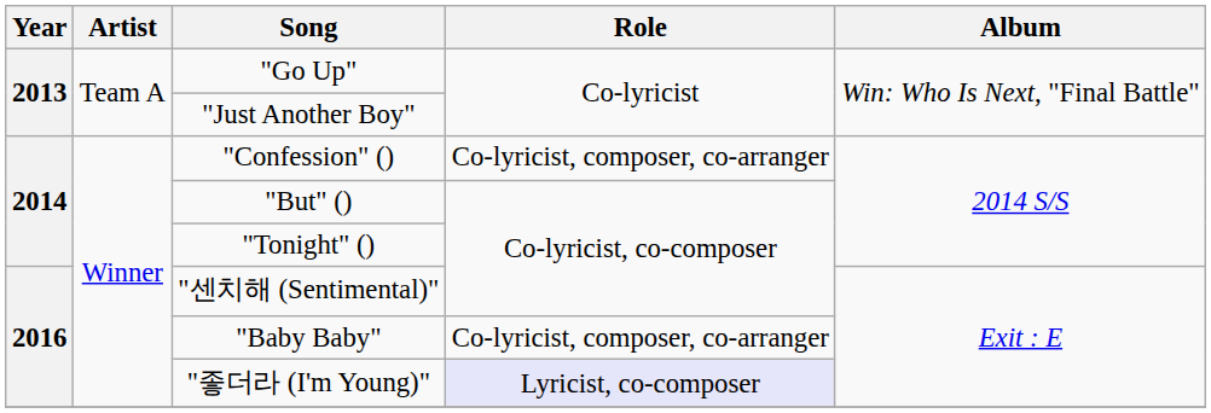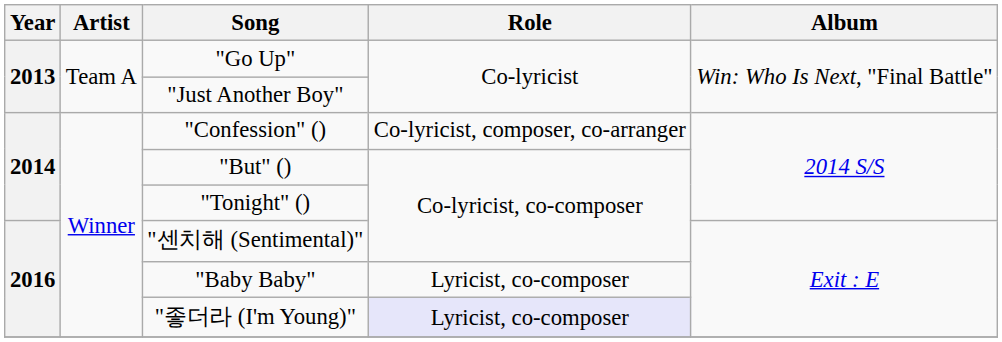 <table class="wikitable" style="text-align: center">
 <tr>
 <th>Year</th>
 <th>Artist</th>
 <th>Song</th>
 <th>Role</th>
 <th>Album</th>
 </tr>
 <tr>
 <th rowspan="2">2013</th>
 <td rowspan="2">Team A</td>
 <td>"Go Up"</td>
 <td rowspan="2">Co-lyricist</td>
 <td rowspan="2"><em>Win: Who Is Next</em>, "Final Battle"</td>
 </tr>
 <tr>
 <td>"Just Another Boy"</td>
 </tr>
 <tr>
 <th rowspan="3">2014</th>
 <td rowspan="6"><a href='#'>Winner</a></td>
 <td>"Confession" ()</td>
 <td rowspan="1">Co-lyricist, composer, co-arranger</td>
 <td rowspan="3"><em><a href='#'>2014 S/S</a></em></td>
 </tr>
 <tr>
 <td>"But" ()</td>
 <td rowspan="3">Co-lyricist, co-composer</td>
 </tr>
 <tr>
 <td>"Tonight" ()</td>
 </tr>
 <tr>
 <th rowspan="3">2016</th>
 <td>"센치해 (Sentimental)"</td>
 <td rowspan="3"><em><a href='#'>Exit : E</a></em></td>
 </tr>
 <tr>
 <td>"Baby Baby"</td>
-<td rowspan="1">Co-lyricist, composer, co-arranger</td>
+<td>Lyricist, co-composer</td>
 </tr>
 <tr>
 <td>"좋더라 (I'm Young)"</td>
 <td style="background: lavender;">Lyricist, co-composer</td>
 </tr>
 <tr>
 </tr>
 </table>
